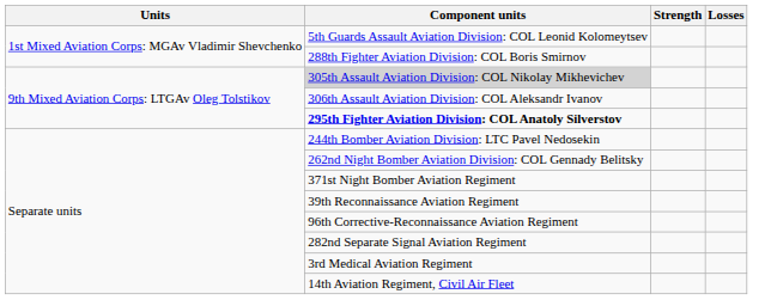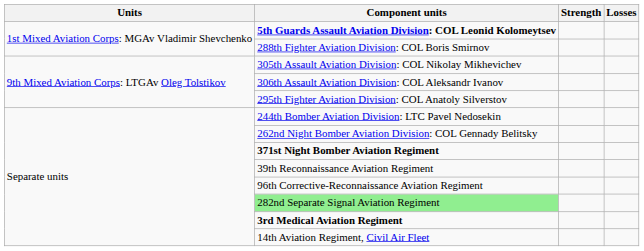 <table class="wikitable">
 <tr>
 <th>Units</th>
 <th>Component units</th>
 <th>Strength</th>
 <th>Losses</th>
 </tr>
 <tr>
 <td rowspan="2"><a href='#'>1st Mixed Aviation Corps</a>: MGAv Vladimir Shevchenko</td>
-<td><a href='#'>5th Guards Assault Aviation Division</a>: COL Leonid Kolomeytsev</td>
+<td><strong><a href='#'>5th Guards Assault Aviation Division</a>: COL Leonid Kolomeytsev</strong></td>
 <td></td>
 <td></td>
 </tr>
 <tr>
 <td><a href='#'>288th Fighter Aviation Division</a>: COL Boris Smirnov</td>
 <td></td>
 <td></td>
 </tr>
 <tr>
 <td rowspan="3"><a href='#'>9th Mixed Aviation Corps</a>: LTGAv <a href='#'>Oleg Tolstikov</a></td>
-<td style="background: lightgrey;"><a href='#'>305th Assault Aviation Division</a>: COL Nikolay Mikhevichev</td>
+<td><a href='#'>305th Assault Aviation Division</a>: COL Nikolay Mikhevichev</td>
 <td></td>
 <td></td>
 </tr>
 <tr>
 <td><a href='#'>306th Assault Aviation Division</a>: COL Aleksandr Ivanov</td>
 <td></td>
 <td></td>
 </tr>
 <tr>
-<td><strong><a href='#'>295th Fighter Aviation Division</a>: COL Anatoly Silverstov</strong></td>
+<td><a href='#'>295th Fighter Aviation Division</a>: COL Anatoly Silverstov</td>
 <td></td>
 <td></td>
 </tr>
 <tr>
 <td rowspan="8">Separate units</td>
 <td><a href='#'>244th Bomber Aviation Division</a>: LTC Pavel Nedosekin</td>
 <td></td>
 <td></td>
 </tr>
 <tr>
 <td><a href='#'>262nd Night Bomber Aviation Division</a>: COL Gennady Belitsky</td>
 <td></td>
 <td></td>
 </tr>
 <tr>
-<td>371st Night Bomber Aviation Regiment</td>
+<td><strong>371st Night Bomber Aviation Regiment</strong></td>
 <td></td>
 <td></td>
 </tr>
 <tr>
 <td>39th Reconnaissance Aviation Regiment</td>
 <td></td>
 <td></td>
 </tr>
 <tr>
 <td>96th Corrective-Reconnaissance Aviation Regiment</td>
 <td></td>
 <td></td>
 </tr>
 <tr>
-<td>282nd Separate Signal Aviation Regiment</td>
+<td style="background: lightgreen;">282nd Separate Signal Aviation Regiment</td>
 <td></td>
 <td></td>
 </tr>
 <tr>
-<td>3rd Medical Aviation Regiment</td>
+<td><strong>3rd Medical Aviation Regiment</strong></td>
 <td></td>
 <td></td>
 </tr>
 <tr>
 <td>14th Aviation Regiment, <a href='#'>Civil Air Fleet</a></td>
 <td></td>
 <td></td>
 </tr>
 </table>
